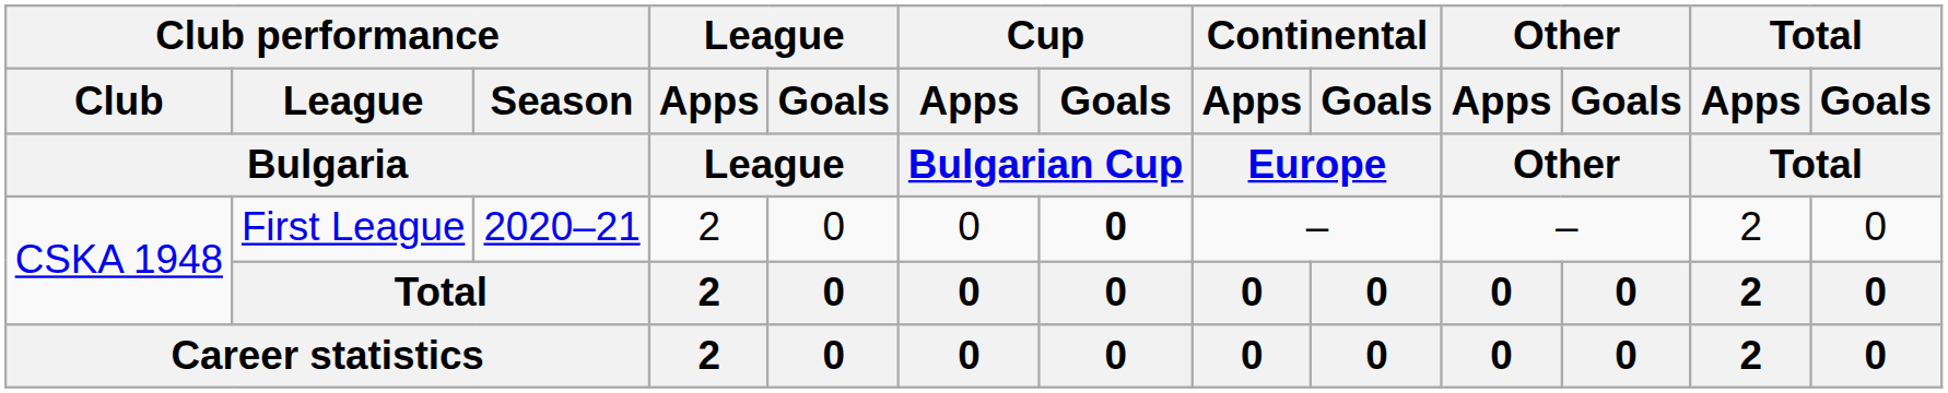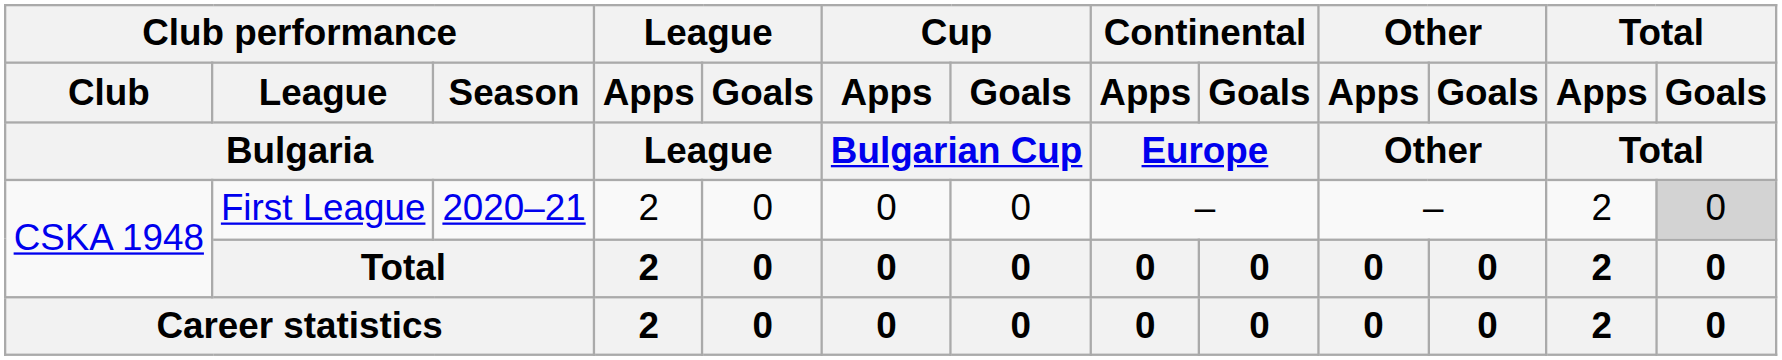 <table class="wikitable" style="text-align: center">
 <tr>
 <th colspan="3">Club performance</th>
 <th colspan="2">League</th>
 <th colspan="2">Cup</th>
 <th colspan="2">Continental</th>
 <th colspan="2">Other</th>
 <th colspan="3">Total</th>
 </tr>
 <tr>
 <th>Club</th>
 <th>League</th>
 <th>Season</th>
 <th>Apps</th>
 <th>Goals</th>
 <th>Apps</th>
 <th>Goals</th>
 <th>Apps</th>
 <th>Goals</th>
 <th>Apps</th>
 <th>Goals</th>
 <th>Apps</th>
 <th>Goals</th>
 </tr>
 <tr>
 <th colspan="3">Bulgaria</th>
 <th colspan="2">League</th>
 <th colspan="2"><a href='#'>Bulgarian Cup</a></th>
 <th colspan="2"><a href='#'>Europe</a></th>
 <th colspan="2">Other</th>
 <th colspan="2">Total</th>
 </tr>
 <tr>
 <td rowspan="2" valign="center"><a href='#'>CSKA 1948</a></td>
 <td rowspan="1"><a href='#'>First League</a></td>
 <td><a href='#'>2020–21</a></td>
 <td>2</td>
 <td>0</td>
 <td>0</td>
-<td><strong>0</strong></td>
+<td>0</td>
 <td colspan="2">–</td>
 <td colspan="2">–</td>
 <td>2</td>
-<td>0</td>
+<td style="background: lightgrey;">0</td>
 </tr>
 <tr>
 <th colspan=2>Total</th>
 <th>2</th>
 <th>0</th>
 <th>0</th>
 <th>0</th>
 <th>0</th>
 <th>0</th>
 <th>0</th>
 <th>0</th>
 <th>2</th>
 <th>0</th>
 </tr>
 <tr>
 <th colspan="3">Career statistics</th>
 <th>2</th>
 <th>0</th>
 <th>0</th>
 <th>0</th>
 <th>0</th>
 <th>0</th>
 <th>0</th>
 <th>0</th>
 <th>2</th>
 <th>0</th>
 </tr>
 </table>
